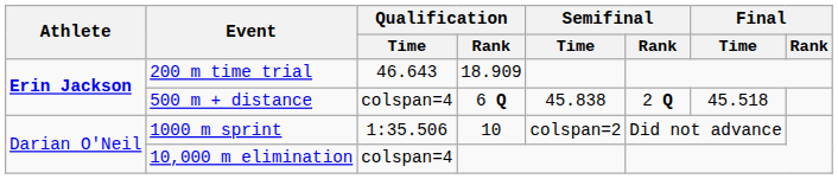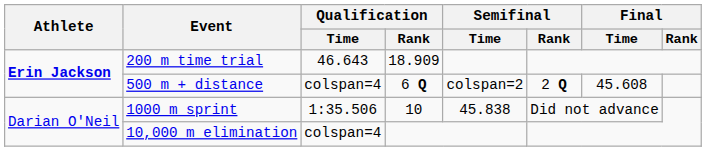 <table class=wikitable style=font-size:90%;text-align:center>
 <tr>
 <th rowspan=2>Athlete</th>
 <th rowspan=2>Event</th>
 <th colspan=2>Qualification</th>
 <th colspan=2>Semifinal</th>
 <th colspan=2>Final</th>
 </tr>
 <tr style=font-size:95%>
 <th>Time</th>
 <th>Rank</th>
 <th>Time</th>
 <th>Rank</th>
 <th>Time</th>
 <th>Rank</th>
 </tr>
 <tr>
 <td rowspan=2 align=left><strong><a href='#'>Erin Jackson</a></strong></td>
 <td align=left><a href='#'>200 m time trial</a></td>
 <td>46.643</td>
 <td>18.909</td>
 <td></td>
 </tr>
 <tr>
 <td align=left><a href='#'>500 m + distance</a></td>
 <td>colspan=4 </td>
 <td>6 <strong>Q</strong></td>
-<td>45.838</td>
+<td>colspan=2 </td>
 <td>2 <strong>Q</strong></td>
-<td>45.518</td>
+<td>45.608</td>
 <td></td>
 </tr>
 <tr>
 <td rowspan=2 align=left><a href='#'>Darian O'Neil</a></td>
 <td align=left><a href='#'>1000 m sprint</a></td>
 <td>1:35.506</td>
 <td>10</td>
-<td>colspan=2 </td>
+<td>45.838</td>
 <td colspan=2>Did not advance</td>
 </tr>
 <tr>
 <td align=left><a href='#'>10,000 m elimination</a></td>
 <td>colspan=4 </td>
 <td colspan=2></td>
 </tr>
 </table>
